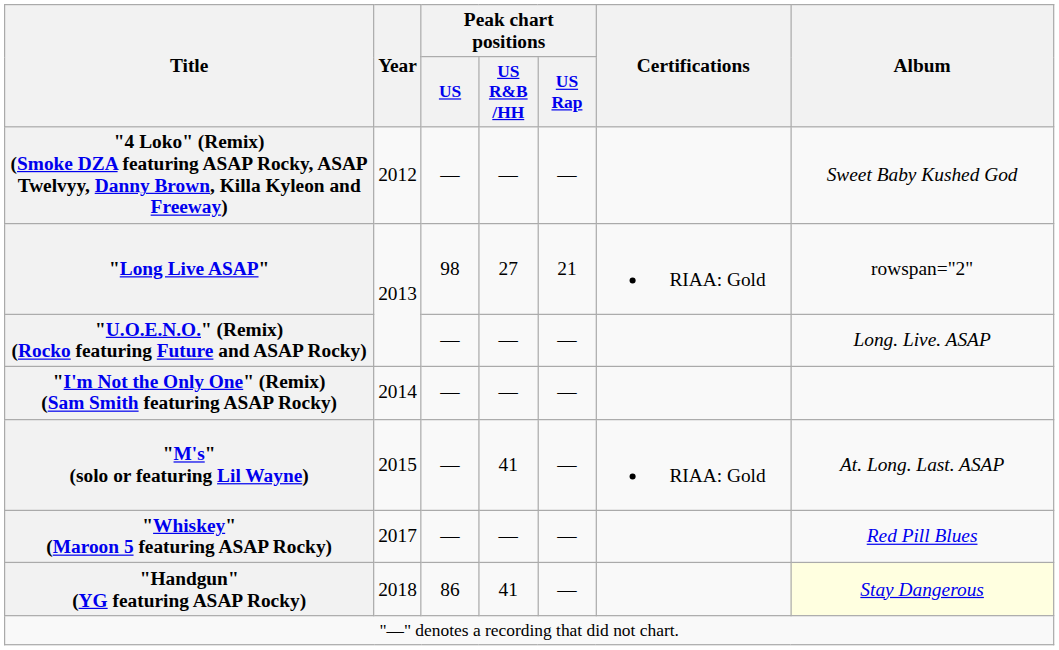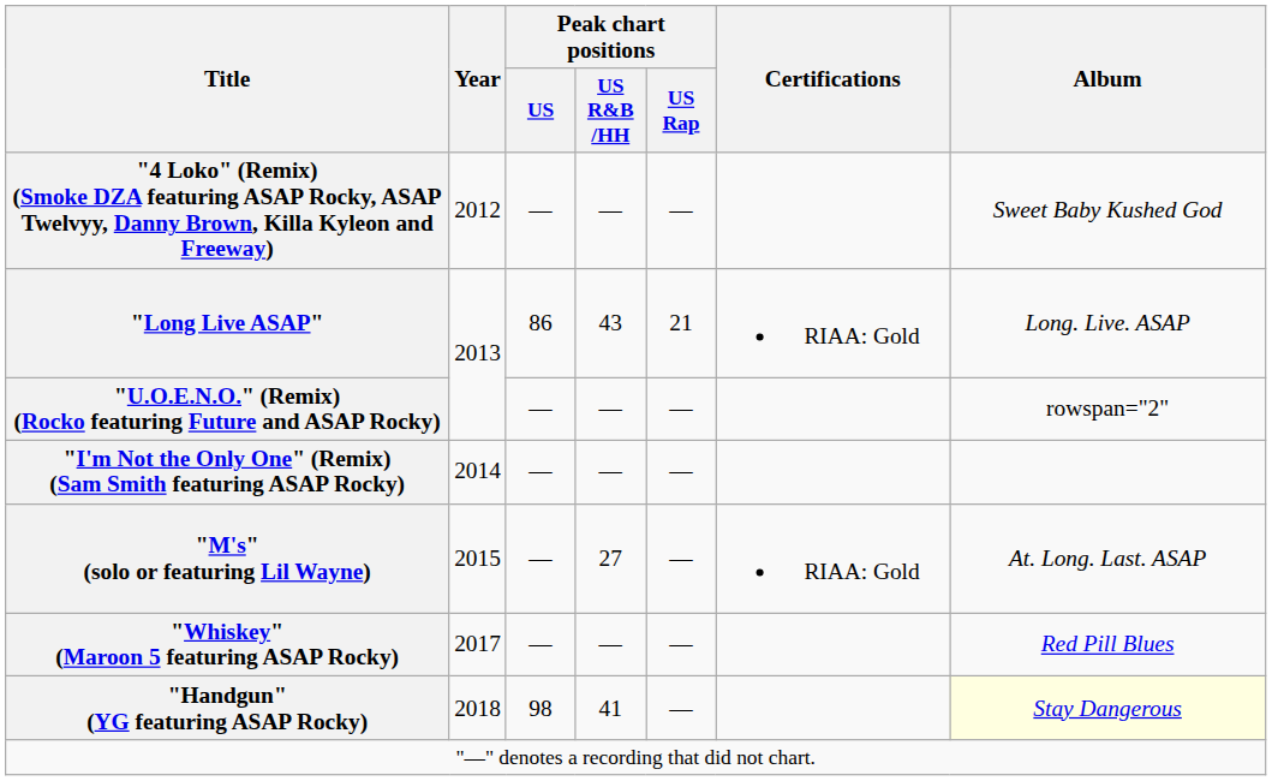 <table class="wikitable plainrowheaders" style="text-align:center;">
 <tr>
 <th rowspan="2" style="width:20em;">Title</th>
 <th rowspan="2" style="width:1em;">Year</th>
 <th colspan="3">Peak chart<br>positions</th>
 <th rowspan="2" style="width:10em;">Certifications</th>
 <th rowspan="2" style="width:14em;">Album</th>
 </tr>
 <tr>
 <th style="width:3em;font-size:90%;"><a href='#'>US</a><br></th>
 <th style="width:3em;font-size:90%;"><a href='#'>US<br>R&B<br>/HH</a><br></th>
 <th style="width:3em;font-size:90%;"><a href='#'>US<br>Rap</a><br></th>
 </tr>
 <tr>
 <th scope="row">"4 Loko" (Remix)<br><span>(<a href='#'>Smoke DZA</a> featuring ASAP Rocky, ASAP Twelvyy, <a href='#'>Danny Brown</a>, Killa Kyleon and <a href='#'>Freeway</a>)</span></th>
 <td>2012</td>
 <td>—</td>
 <td>—</td>
 <td>—</td>
 <td></td>
 <td><em>Sweet Baby Kushed God</em></td>
 </tr>
 <tr>
 <th scope="row">"<a href='#'>Long Live ASAP</a>"</th>
 <td rowspan="2">2013</td>
-<td>98</td>
-<td>27</td>
+<td>86</td>
+<td>43</td>
 <td>21</td>
 <td><br><ul><li>RIAA: Gold</li></ul></td>
-<td>rowspan="2" </td>
+<td><em>Long. Live. ASAP</em></td>
 </tr>
 <tr>
 <th scope="row">"<a href='#'>U.O.E.N.O.</a>" (Remix)<br><span>(<a href='#'>Rocko</a> featuring <a href='#'>Future</a> and ASAP Rocky)</span></th>
 <td>—</td>
 <td>—</td>
 <td>—</td>
 <td></td>
-<td><em>Long. Live. ASAP</em></td>
+<td>rowspan="2" </td>
 </tr>
 <tr>
 <th scope="row">"<a href='#'>I'm Not the Only One</a>" (Remix)<br><span>(<a href='#'>Sam Smith</a> featuring ASAP Rocky)</span></th>
 <td>2014</td>
 <td>—</td>
 <td>—</td>
 <td>—</td>
 <td></td>
 </tr>
 <tr>
 <th scope="row">"<a href='#'>M's</a>" <br><span>(solo or featuring <a href='#'>Lil Wayne</a>)</span></th>
 <td>2015</td>
 <td>—</td>
-<td>41</td>
+<td>27</td>
 <td>—</td>
 <td><br><ul><li>RIAA: Gold</li></ul></td>
 <td><em>At. Long. Last. ASAP</em></td>
 </tr>
 <tr>
 <th scope="row">"<a href='#'>Whiskey</a>"<br><span>(<a href='#'>Maroon 5</a> featuring ASAP Rocky)</span></th>
 <td>2017</td>
 <td>—</td>
 <td>—</td>
 <td>—</td>
 <td></td>
 <td><em><a href='#'>Red Pill Blues</a></em></td>
 </tr>
 <tr>
 <th scope="row">"Handgun"<br><span>(<a href='#'>YG</a> featuring ASAP Rocky)</span></th>
 <td>2018</td>
-<td>86</td>
+<td>98</td>
 <td>41</td>
 <td>—</td>
 <td></td>
 <td style="background: lightyellow;"><em><a href='#'>Stay Dangerous</a></em></td>
 </tr>
 <tr>
 <td colspan="8" style="font-size:90%">"—" denotes a recording that did not chart.</td>
 </tr>
 </table>
